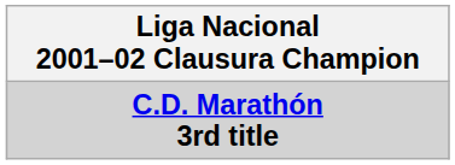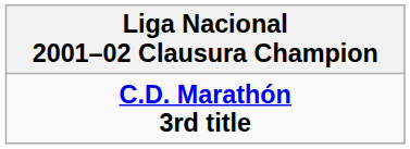 <table class="wikitable" style="text-align: center; margin: 0 auto; width: 20%">
 <tr>
 <th>Liga Nacional<br>2001–02 Clausura Champion</th>
 </tr>
 <tr>
-<td style="background: lightgrey;"><strong><a href='#'>C.D. Marathón</a></strong><br><strong>3rd title</strong></td>
+<td><strong><a href='#'>C.D. Marathón</a></strong><br><strong>3rd title</strong></td>
 </tr>
 </table>
